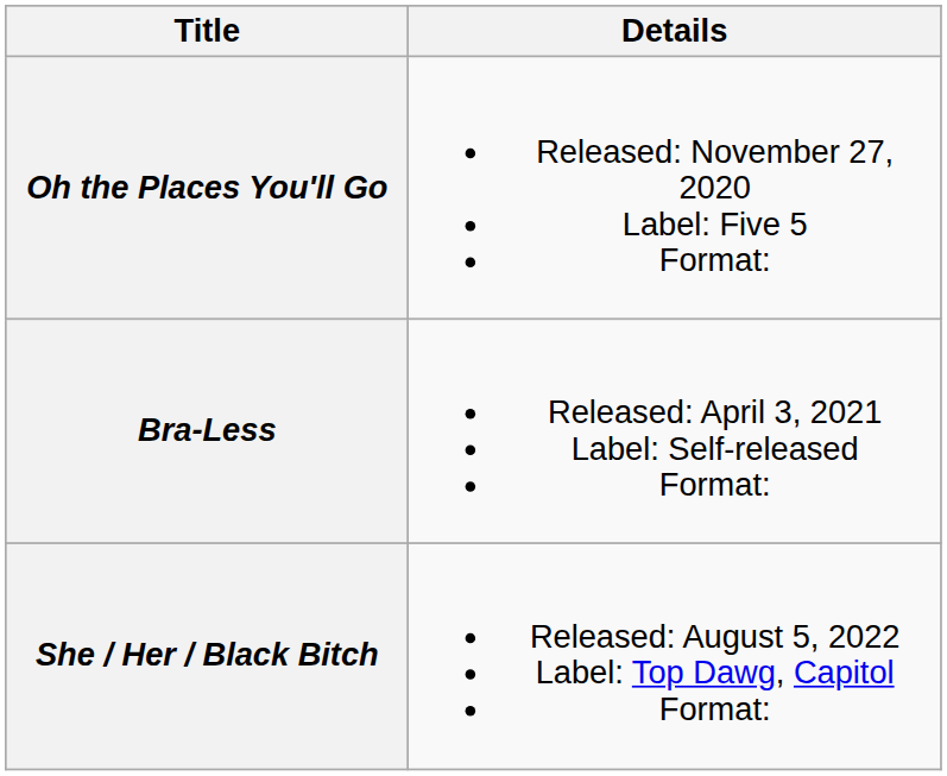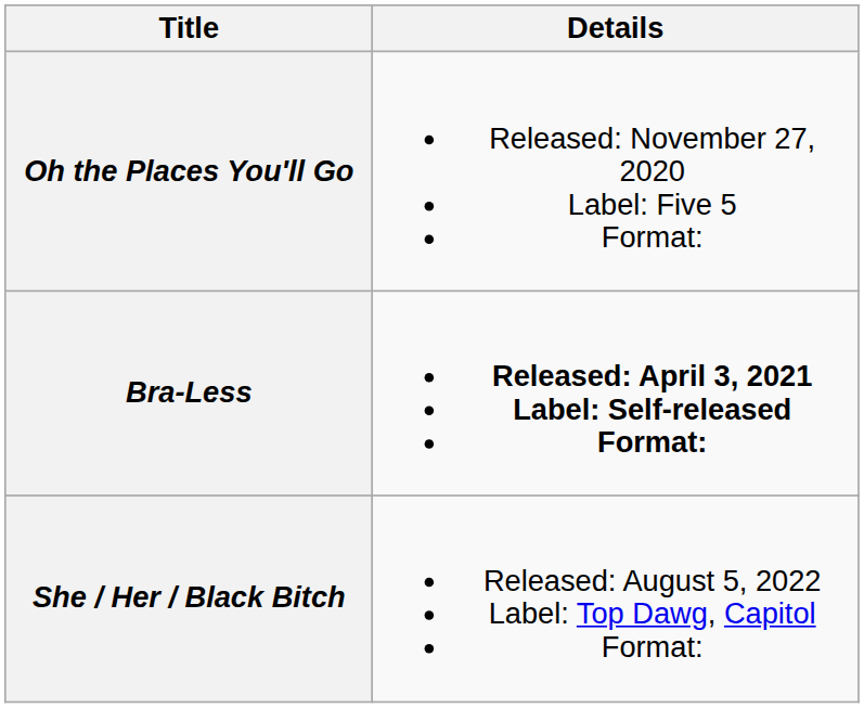 <table class="wikitable plainrowheaders" style="text-align:center;">
 <tr>
 <th scope="col" style="width:12em;">Title</th>
 <th scope="col" style="width:16em;">Details</th>
 </tr>
 <tr>
 <th scope="row"><em>Oh the Places You'll Go</em></th>
 <td><br><ul><li>Released: November 27, 2020</li><li>Label: Five 5</li><li>Format: </li></ul></td>
 </tr>
 <tr>
 <th scope="row"><em>Bra-Less</em></th>
-<td><br><ul><li>Released: April 3, 2021</li><li>Label: Self-released</li><li>Format: </li></ul></td>
+<td><strong><br><ul><li>Released: April 3, 2021</li><li>Label: Self-released</li><li>Format: </li></ul></strong></td>
 </tr>
 <tr>
 <th scope="row"><em>She / Her / Black Bitch</em></th>
 <td><br><ul><li>Released: August 5, 2022</li><li>Label: <a href='#'>Top Dawg</a>, <a href='#'>Capitol</a></li><li>Format: </li></ul></td>
 </tr>
 </table>
